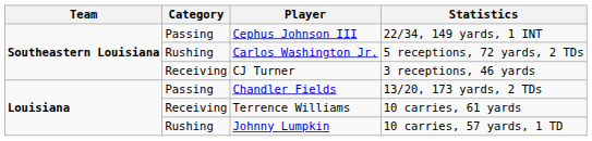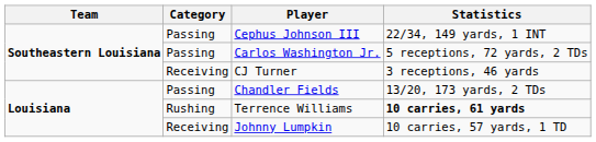 <table class="wikitable" style="float: left;">
 <tr>
 <th>Team</th>
 <th>Category</th>
 <th>Player</th>
 <th>Statistics</th>
 </tr>
 <tr>
 <td rowspan=3><strong>Southeastern Louisiana</strong></td>
 <td>Passing</td>
 <td><a href='#'>Cephus Johnson III</a></td>
 <td>22/34, 149 yards, 1 INT</td>
 </tr>
 <tr>
-<td>Rushing</td>
+<td>Passing</td>
 <td><a href='#'>Carlos Washington Jr.</a></td>
 <td>5 receptions, 72 yards, 2 TDs</td>
 </tr>
 <tr>
 <td>Receiving</td>
 <td>CJ Turner</td>
 <td>3 receptions, 46 yards</td>
 </tr>
 <tr>
 <td rowspan=3><strong>Louisiana</strong></td>
 <td>Passing</td>
 <td><a href='#'>Chandler Fields</a></td>
 <td>13/20, 173 yards, 2 TDs</td>
 </tr>
 <tr>
-<td>Receiving</td>
+<td>Rushing</td>
 <td>Terrence Williams</td>
-<td>10 carries, 61 yards</td>
+<td><strong>10 carries, 61 yards</strong></td>
 </tr>
 <tr>
-<td>Rushing</td>
+<td>Receiving</td>
 <td><a href='#'>Johnny Lumpkin</a></td>
 <td>10 carries, 57 yards, 1 TD</td>
 </tr>
 </table>
